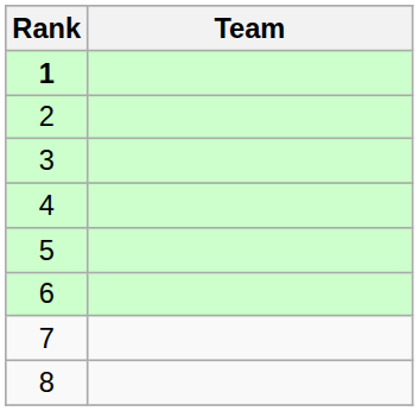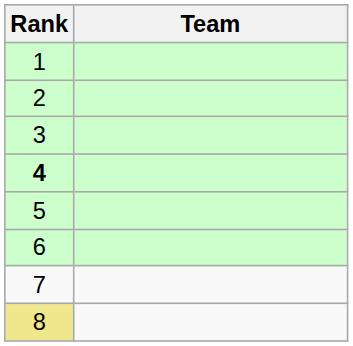 <table class="wikitable" style="text-align: center; font-size:90% ">
 <tr>
 <th width=35>Rank</th>
 <th width=160>Team</th>
 </tr>
 <tr bgcolor=ccffcc>
-<td><strong>1</strong></td>
+<td>1</td>
 <td align=left></td>
 </tr>
 <tr bgcolor=ccffcc>
 <td>2</td>
 <td align=left></td>
 </tr>
 <tr bgcolor=ccffcc>
 <td>3</td>
 <td align=left></td>
 </tr>
 <tr bgcolor=ccffcc>
-<td>4</td>
+<td><strong>4</strong></td>
 <td align=left></td>
 </tr>
 <tr bgcolor=ccffcc>
 <td>5</td>
 <td align=left></td>
 </tr>
 <tr bgcolor=ccffcc>
 <td>6</td>
 <td align=left></td>
 </tr>
 <tr>
 <td>7</td>
 <td align=left></td>
 </tr>
 <tr>
-<td>8</td>
+<td style="background: khaki;">8</td>
 <td align=left></td>
 </tr>
 </table>
